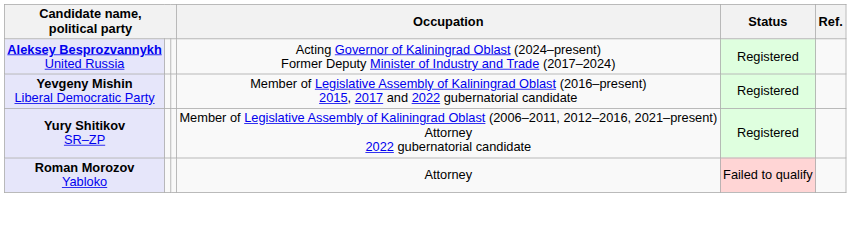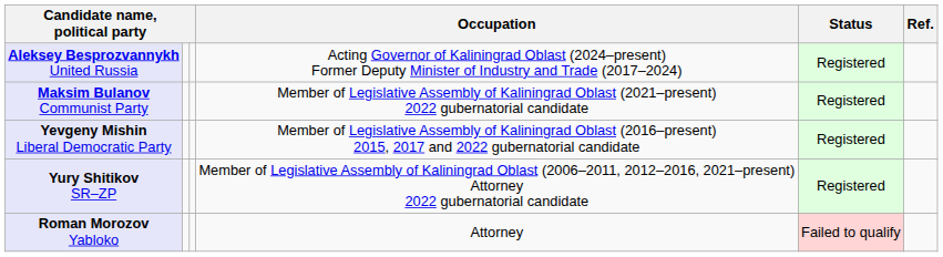 <table class="wikitable" style="text-align:center;">
 <tr>
 <th colspan="3">Candidate name,<br>political party</th>
 <th>Occupation</th>
 <th>Status</th>
 <th>Ref.</th>
 </tr>
 <tr>
 <td style="background:lavender;"><strong><a href='#'>Aleksey Besprozvannykh</a></strong><br><a href='#'>United Russia</a></td>
 <td style="background-color:"></td>
 <td></td>
 <td>Acting <a href='#'>Governor of Kaliningrad Oblast</a> (2024–present)<br>Former Deputy <a href='#'>Minister of Industry and Trade</a> (2017–2024)</td>
+<td bgcolor="#DFFFDF">Registered</td>
+<td></td>
+</tr>
+<tr>
+<td style="background:lavender;"><strong><a href='#'>Maksim Bulanov</a></strong><br><a href='#'>Communist Party</a></td>
+<td style="background-color:"></td>
+<td></td>
+<td>Member of <a href='#'>Legislative Assembly of Kaliningrad Oblast</a> (2021–present)<br><a href='#'>2022</a> gubernatorial candidate</td>
 <td bgcolor="#DFFFDF">Registered</td>
 <td></td>
 </tr>
 <tr>
 <td style="background:lavender;"><strong>Yevgeny Mishin</strong><br><a href='#'>Liberal Democratic Party</a></td>
 <td style="background-color:"></td>
 <td></td>
 <td>Member of <a href='#'>Legislative Assembly of Kaliningrad Oblast</a> (2016–present)<br><a href='#'>2015</a>, <a href='#'>2017</a> and <a href='#'>2022</a> gubernatorial candidate</td>
 <td bgcolor="#DFFFDF">Registered</td>
 <td></td>
 </tr>
 <tr>
 <td style="background:lavender;"><strong>Yury Shitikov</strong><br><a href='#'>SR–ZP</a></td>
 <td style="background-color:"></td>
 <td></td>
 <td>Member of <a href='#'>Legislative Assembly of Kaliningrad Oblast</a> (2006–2011, 2012–2016, 2021–present)<br>Attorney<br><a href='#'>2022</a> gubernatorial candidate</td>
 <td bgcolor="#DFFFDF">Registered</td>
 <td></td>
 </tr>
 <tr>
 <td style="background:lavender;"><strong>Roman Morozov</strong><br><a href='#'>Yabloko</a></td>
 <td style="background-color:"></td>
 <td></td>
 <td>Attorney</td>
 <td bgcolor="#FFD5D5">Failed to qualify</td>
 <td></td>
 </tr>
 </table>
